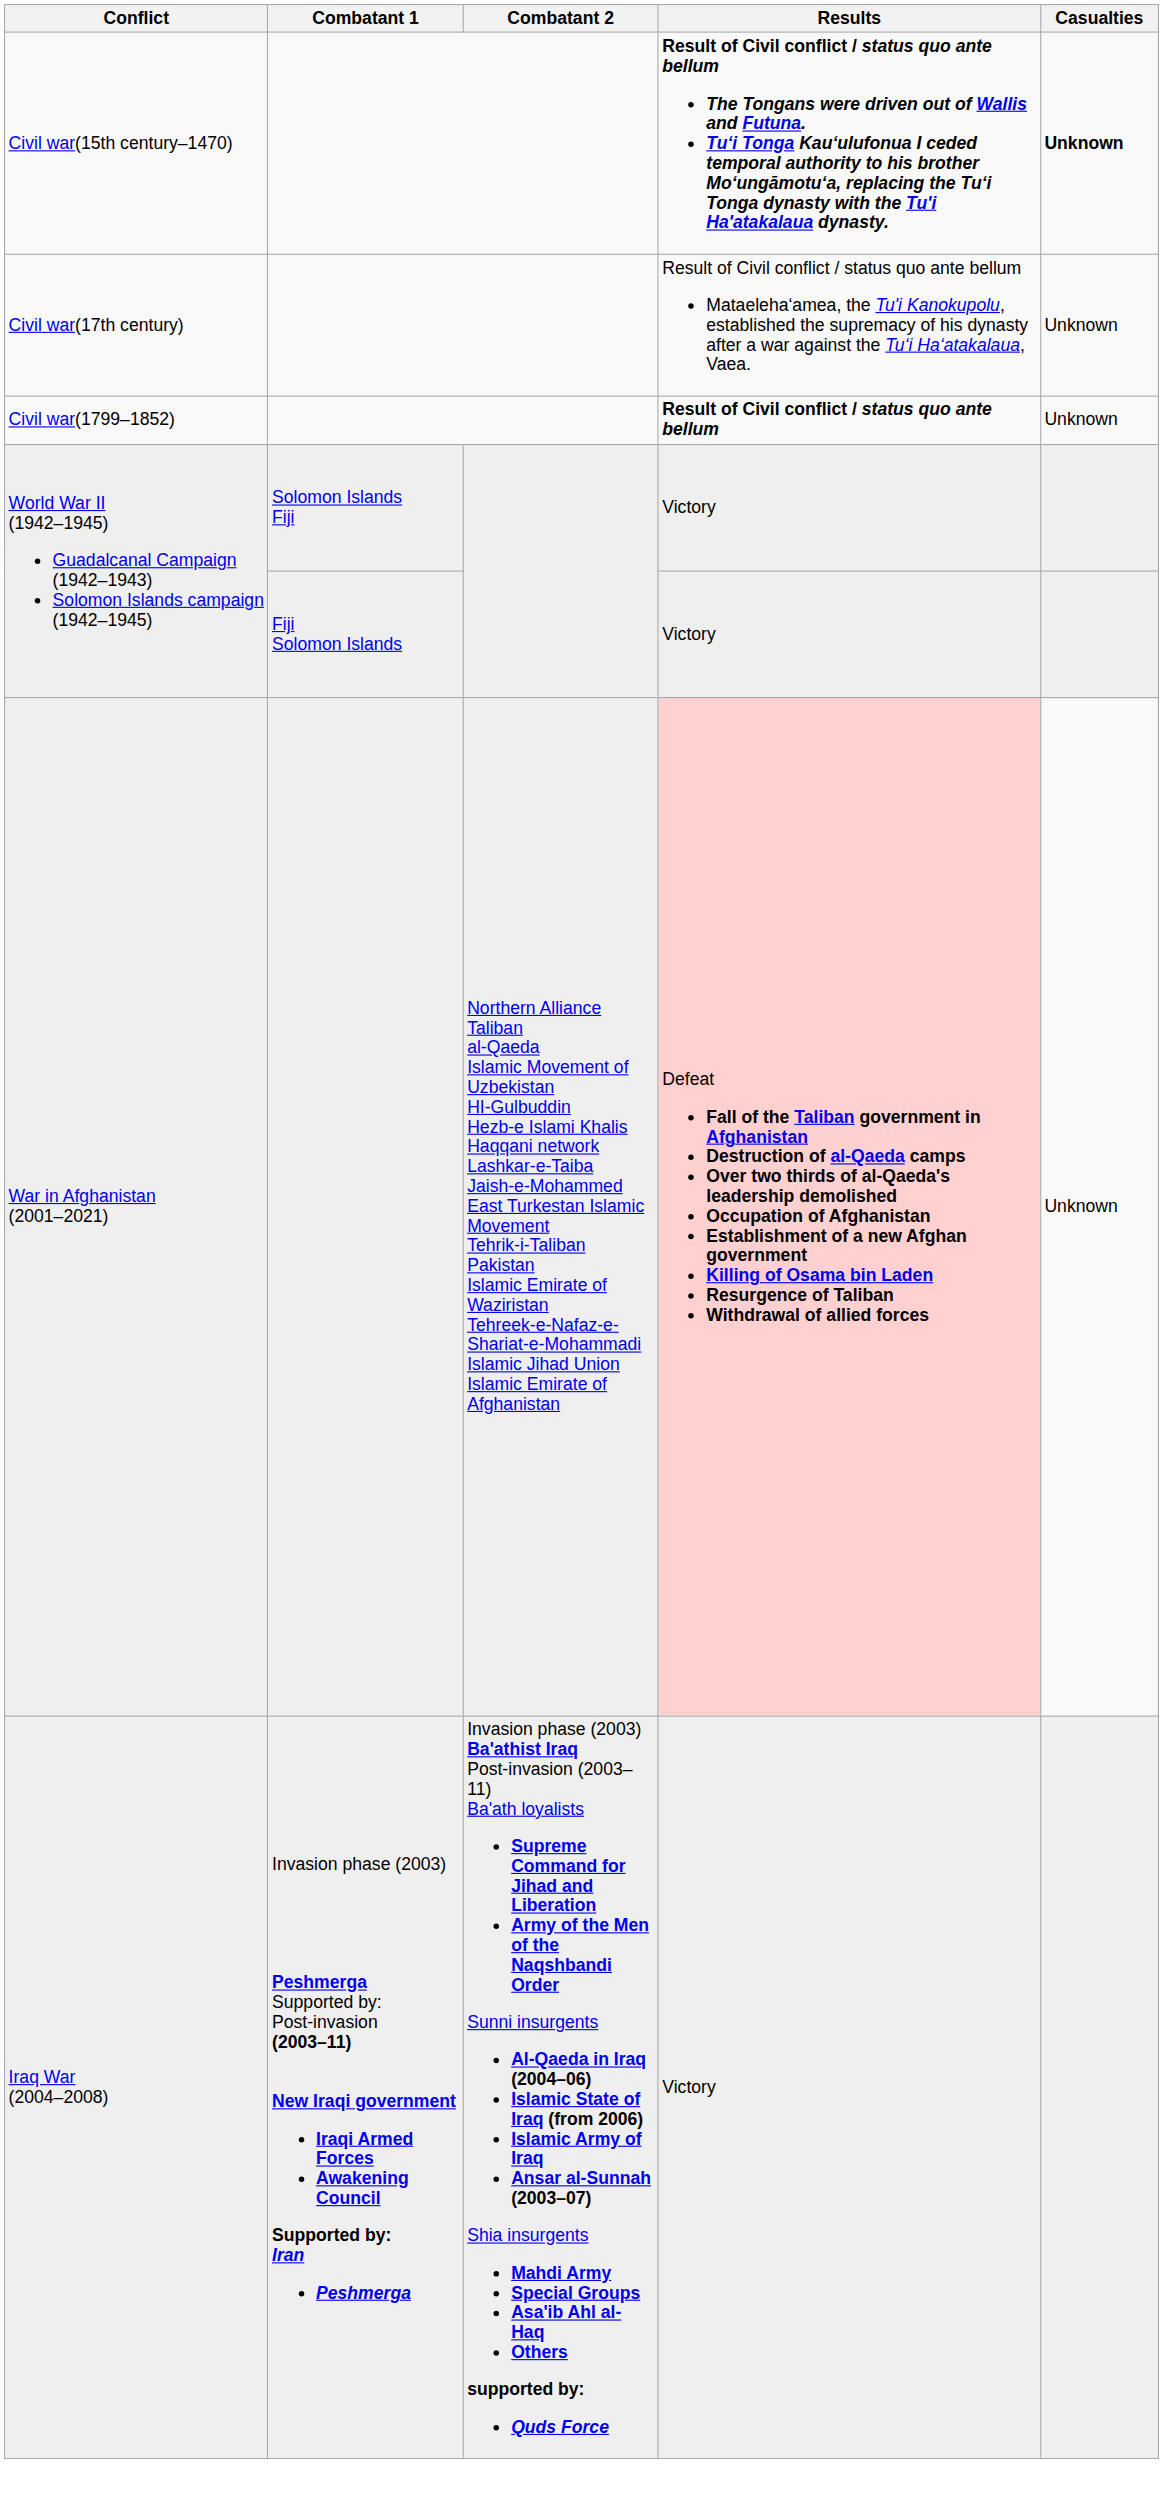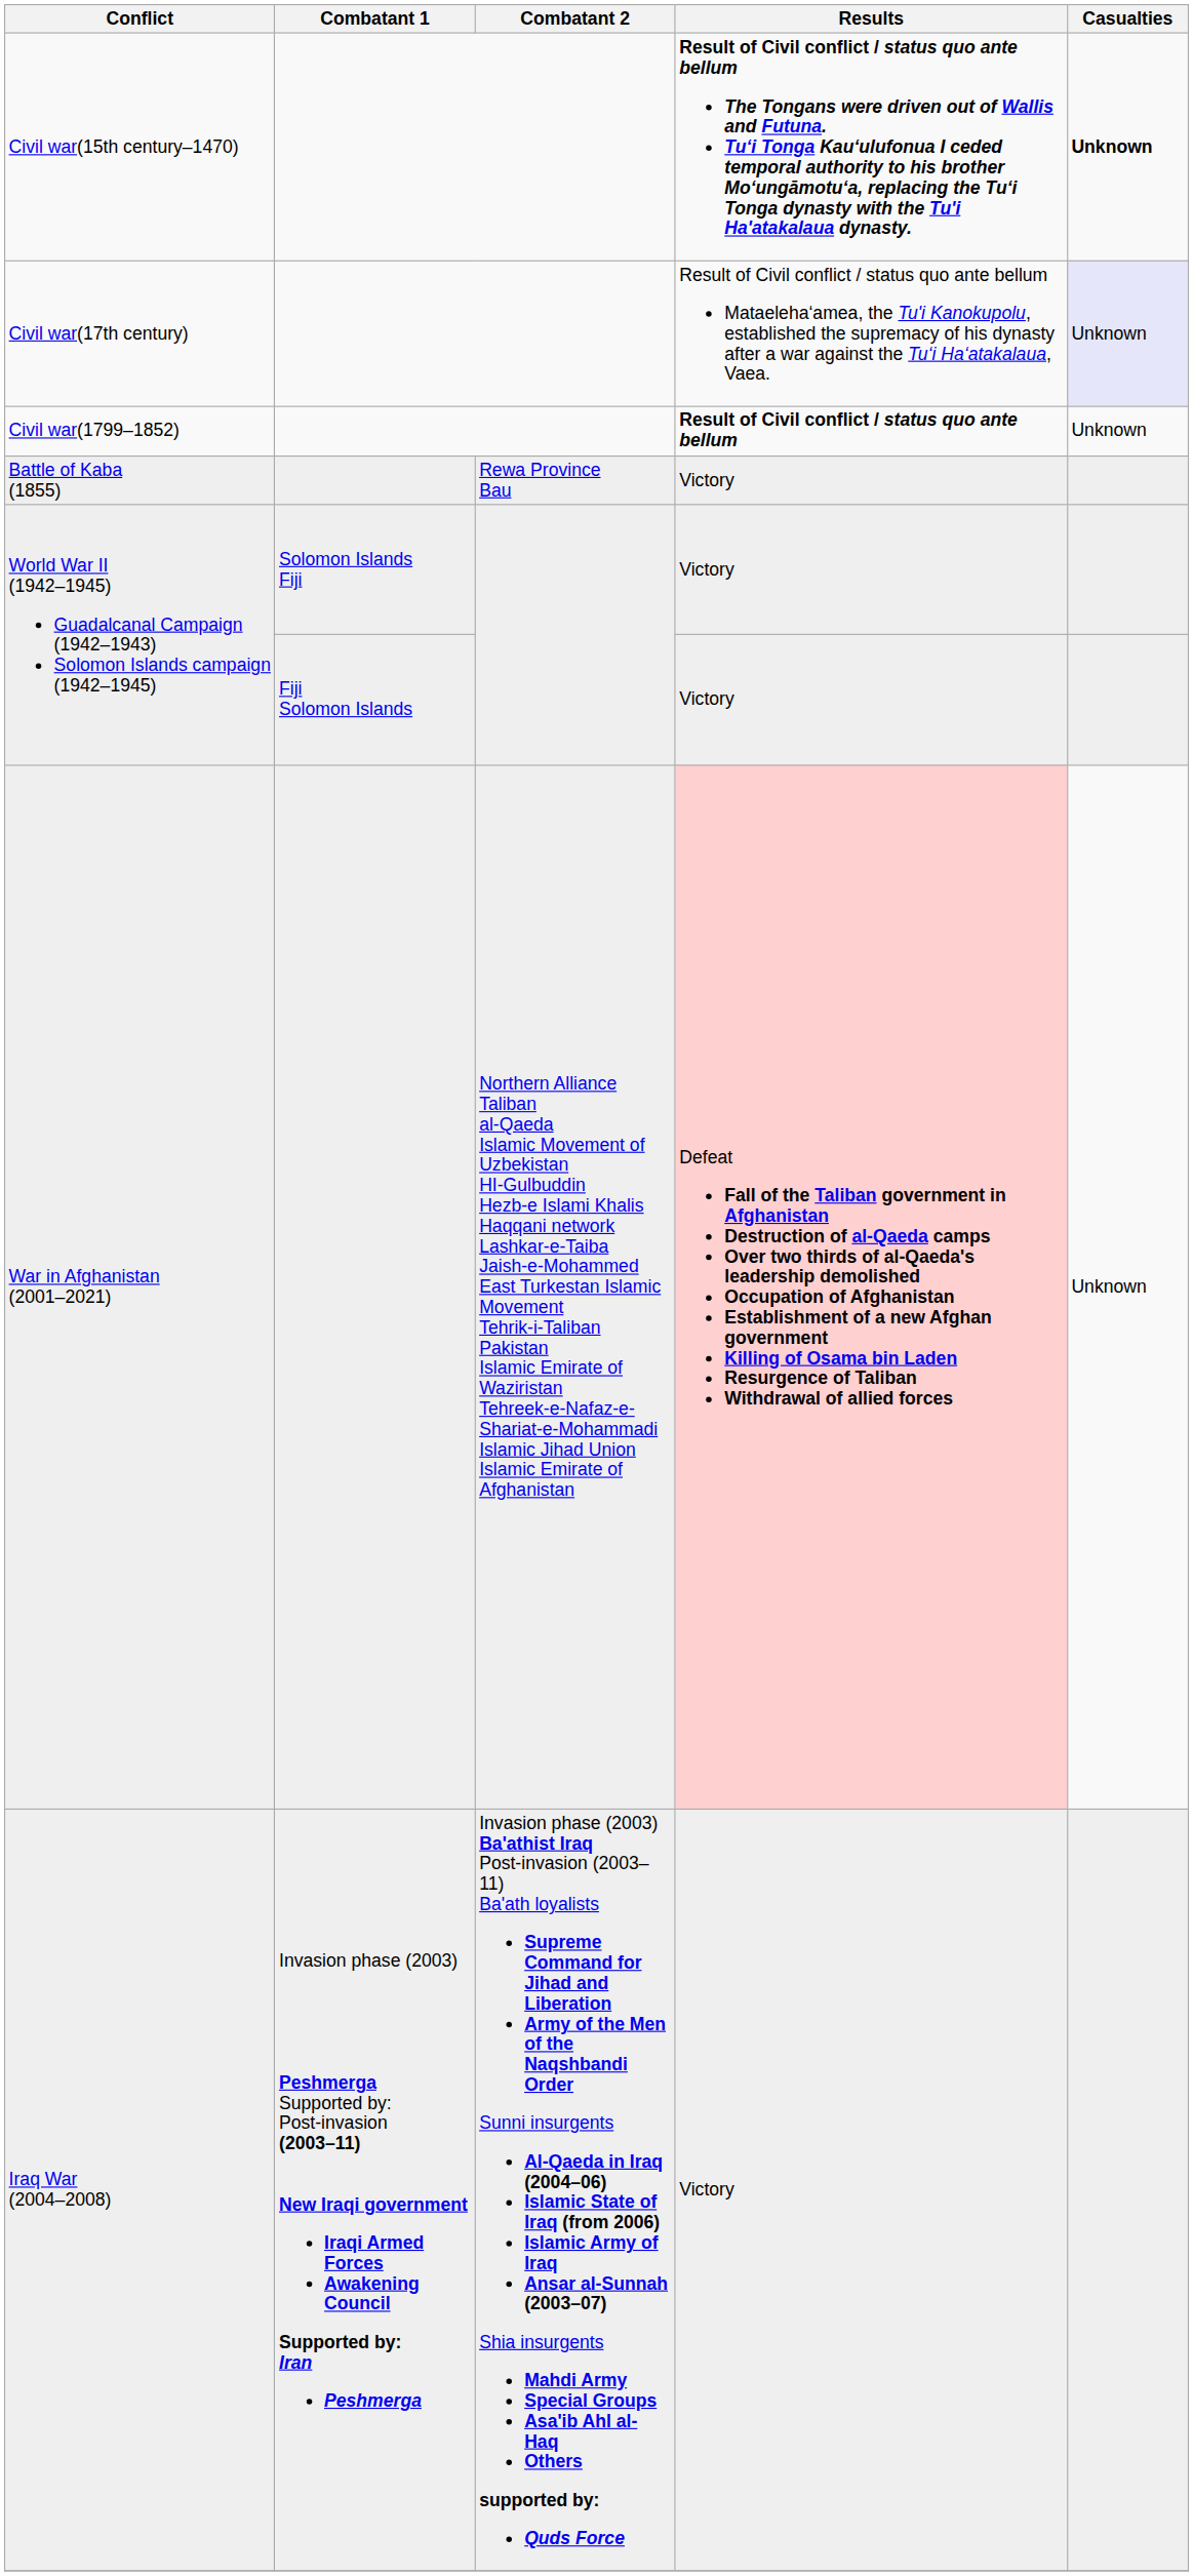 <table class="wikitable">
 <tr>
 <th style= rowspan="1"><span>Conflict</span></th>
 <th style= rowspan="1" width=170px><span>Combatant 1</span></th>
 <th style= rowspan="1" width=170px><span>Combatant 2</span></th>
 <th style= rowspan="1" width=340px><span>Results</span></th>
 <th style= rowspan="1" width=100px><span><strong>Casualties</strong></span></th>
 </tr>
 <tr>
 <td><a href='#'>Civil war</a>(15th century–1470)</td>
 <td colspan="2"></td>
 <td><strong>Result of Civil conflict / <em>status quo ante bellum<strong><em><br><ul><li>The Tongans were driven out of <a href='#'>Wallis</a> and <a href='#'>Futuna</a>.</li><li></em><a href='#'>Tuʻi Tonga</a><em> Kauʻulufonua I ceded temporal authority to his brother Moʻungāmotuʻa, replacing the Tuʻi Tonga dynasty with the <a href='#'>Tu'i Ha'atakalaua</a> dynasty.</li></ul></td>
 <td><strong>Unknown</strong></td>
 </tr>
 <tr>
 <td><a href='#'>Civil war</a>(17th century)</td>
 <td colspan="2"></td>
 <td></strong>Result of Civil conflict / </em>status quo ante bellum</em></strong><br><ul><li>Mataelehaʻamea, the <em><a href='#'>Tu'i Kanokupolu</a></em>, established the supremacy of his dynasty after a war against the <em><a href='#'>Tuʻi Haʻatakalaua</a></em>, Vaea.</li></ul></td>
-<td>Unknown</td>
+<td style="background: lavender;">Unknown</td>
 </tr>
 <tr>
 <td><a href='#'>Civil war</a>(1799–1852)</td>
 <td colspan="2"></td>
 <td><strong>Result of Civil conflict / <em>status quo ante bellum<strong><em></td>
 <td>Unknown</td>
+</tr>
+<tr>
+<td style="background:#efefef"><a href='#'>Battle of Kaba</a><br>(1855)</td>
+<td style="background:#efefef"><br></td>
+<td style="background:#efefef"><a href='#'>Rewa Province</a><br><a href='#'>Bau</a></td>
+<td style="background:#efefef"></strong>Victory<strong></td>
+<td style="background:#efefef"></td>
 </tr>
 <tr>
 <td rowspan="2" style="background:#efefef"><a href='#'>World War II</a><br>(1942–1945)<ul><li><a href='#'>Guadalcanal Campaign</a><br>(1942–1943)</li><li><a href='#'>Solomon Islands campaign</a><br>(1942–1945)</li></ul></td>
 <td style="background:#efefef"><br><br>  <a href='#'>Solomon Islands</a><br> <a href='#'>Fiji</a><br><br><br></td>
 <td rowspan="2" style="background:#efefef"></td>
 <td style="background:#efefef"></strong>Victory<strong></td>
 <td style="background:#efefef"></td>
 </tr>
 <tr>
 <td style="background:#efefef"><br><br> <a href='#'>Fiji</a><br> <a href='#'>Solomon Islands</a><br><br><br></td>
 <td style="background:#efefef"></strong>Victory<strong></td>
 <td style="background:#efefef"></td>
 </tr>
 <tr>
 <td style="background:#efefef"><a href='#'>War in Afghanistan</a><br>(2001–2021)</td>
 <td style="background:#efefef"><br><br><br><br><br><br></strong><strong><br><br><br><br><br><br><br><br><br><br><br><br><br><br><br><br><br><br><br><br><br><br><br><br><br><br><br><br><br><br><br><br><br><br><br><br><br><br><br><br><br><br><br><br><br></td>
 <td style="background:#efefef"> <a href='#'>Northern Alliance</a><br> <a href='#'>Taliban</a><br> <a href='#'>al-Qaeda</a><br> <a href='#'>Islamic Movement of Uzbekistan</a><br> <a href='#'>HI-Gulbuddin</a><br> <a href='#'>Hezb-e Islami Khalis</a><br> <a href='#'>Haqqani network</a><br> <a href='#'>Lashkar-e-Taiba</a><br> <a href='#'>Jaish-e-Mohammed</a><br> <a href='#'>East Turkestan Islamic Movement</a><br> <a href='#'>Tehrik-i-Taliban Pakistan</a><br> <a href='#'>Islamic Emirate of Waziristan</a><br> <a href='#'>Tehreek-e-Nafaz-e-Shariat-e-Mohammadi</a><br> <a href='#'>Islamic Jihad Union</a><br> <a href='#'>Islamic Emirate of Afghanistan</a></td>
 <td style="background:#FFD0D0"></strong>Defeat<strong><br><ul><li>Fall of the <a href='#'>Taliban</a> government in <a href='#'>Afghanistan</a></li><li>Destruction of <a href='#'>al-Qaeda</a> camps</li><li>Over two thirds of al-Qaeda's leadership demolished</li><li>Occupation of Afghanistan</li><li>Establishment of a new Afghan government</li><li><a href='#'>Killing of Osama bin Laden</a></li><li>Resurgence of Taliban</li><li>Withdrawal of allied forces</li></ul></td>
 <td>Unknown</td>
 </tr>
 <tr>
 <td style="background:#efefef"><a href='#'>Iraq War</a><br>(2004–2008)</td>
 <td style="background:#efefef"></strong>Invasion phase (2003)<strong><br><br><br> <br> <br>  <br> <a href='#'>Peshmerga</a><br></strong>Supported by:<strong><br> </strong>Post-invasion<strong><br>(2003–11)<br>  <small></small><br>  <small></small><br>   <a href='#'>New Iraqi government</a><ul><li><a href='#'>Iraqi Armed Forces</a></li><li><a href='#'>Awakening Council</a></li></ul></em>Supported by:<em><br>  <a href='#'>Iran</a> <br> <ul><li><a href='#'>Peshmerga</a></li></ul></td>
 <td style="background:#efefef"></strong>Invasion phase (2003)<strong><br>  <a href='#'>Ba'athist Iraq</a><br></strong>Post-invasion (2003–11)<strong><br>  <a href='#'></strong>Ba'ath loyalists<strong></a><ul><li><a href='#'>Supreme Command for Jihad and Liberation</a></li><li><a href='#'>Army of the Men of the Naqshbandi Order</a></li></ul><a href='#'></strong>Sunni insurgents<strong></a><ul><li> <a href='#'>Al-Qaeda in Iraq</a> (2004–06)</li><li> <a href='#'>Islamic State of Iraq</a> (from 2006)</li><li><a href='#'>Islamic Army of Iraq</a></li><li><a href='#'>Ansar al-Sunnah</a> (2003–07)</li></ul><a href='#'></strong>Shia insurgents<strong></a><ul><li> <a href='#'>Mahdi Army</a></li><li> <a href='#'>Special Groups</a></li><li> <a href='#'>Asa'ib Ahl al-Haq</a></li><li><a href='#'>Others</a></li></ul></em>supported by:<em><br> <ul><li> <a href='#'>Quds Force</a></li></ul></td>
 <td style="background:#efefef"></strong>Victory<strong></td>
 <td style="background:#efefef"></td>
 </tr>
 <tr>
 </tr>
 </table>
